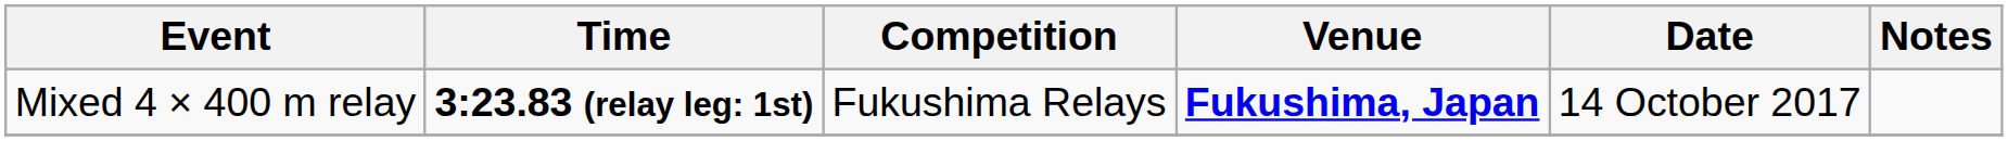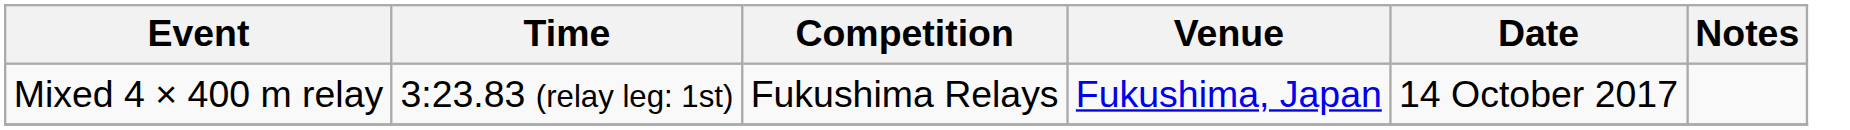 <table class="wikitable" style=text-align:center>
 <tr>
 <th>Event</th>
 <th>Time</th>
 <th>Competition</th>
 <th>Venue</th>
 <th>Date</th>
 <th>Notes</th>
 </tr>
 <tr>
 <td>Mixed 4 × 400 m relay</td>
-<td><strong>3:23.83 <small>(relay leg: 1st)</small></strong></td>
+<td>3:23.83 <small>(relay leg: 1st)</small></td>
 <td>Fukushima Relays</td>
-<td><strong><a href='#'>Fukushima, Japan</a></strong></td>
+<td><a href='#'>Fukushima, Japan</a></td>
 <td>14 October 2017</td>
 <td></td>
 </tr>
 <tr>
 </tr>
 </table>
